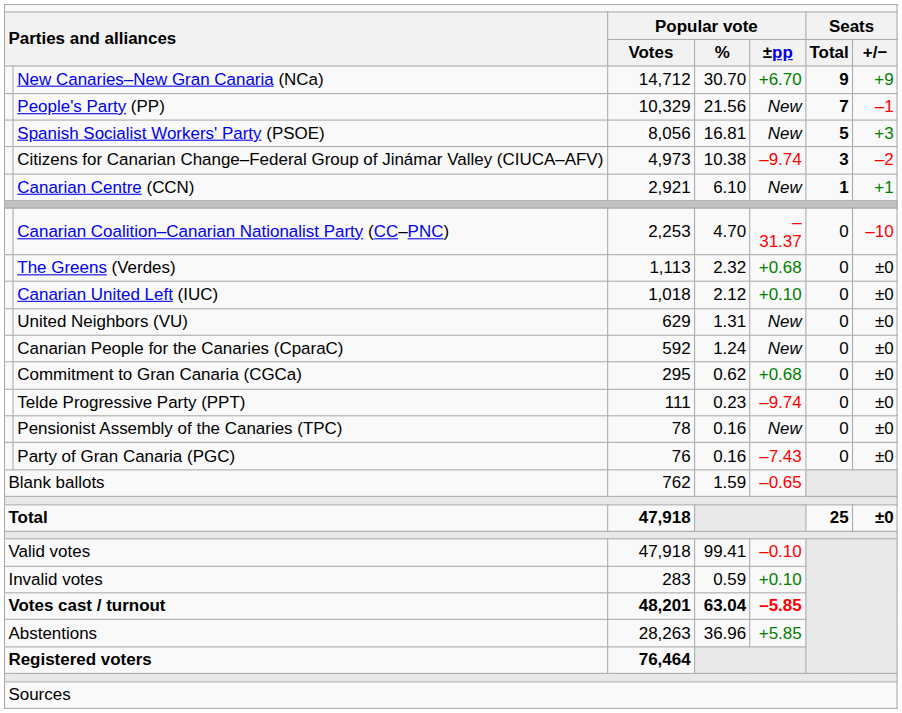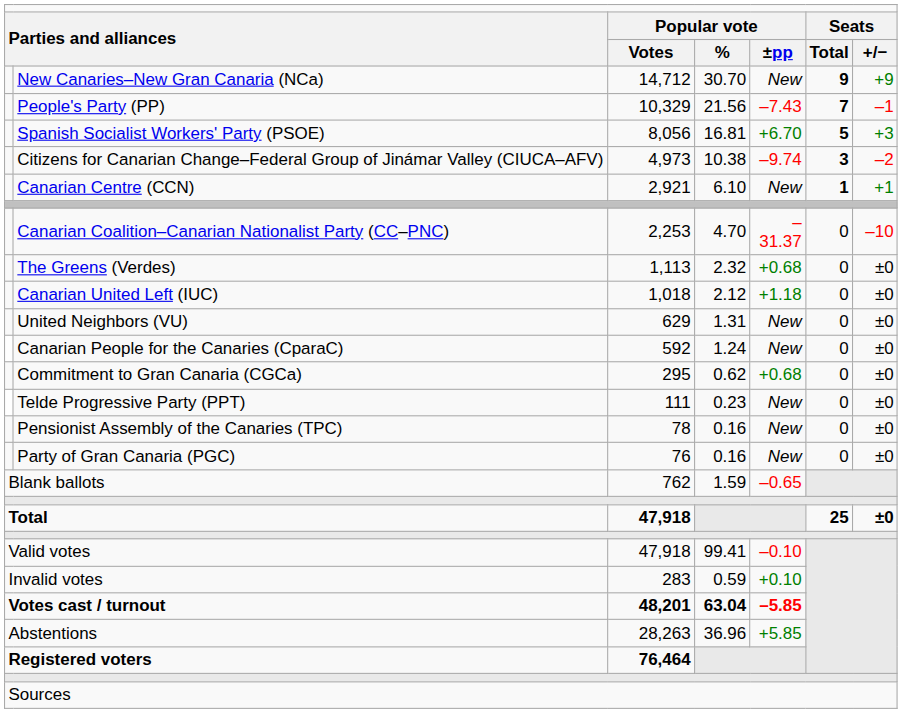 <table class="wikitable" style="text-align:right;">
 <tr>
 <td colspan="7"></td>
 </tr>
 <tr>
 <th style="text-align:left;" rowspan="2" colspan="2" width="525">Parties and alliances</th>
 <th colspan="3">Popular vote</th>
 <th colspan="2">Seats</th>
 </tr>
 <tr>
 <th width="75">Votes</th>
 <th width="45">%</th>
 <th width="45">±<a href='#'>pp</a></th>
 <th width="35">Total</th>
 <th width="35">+/−</th>
 </tr>
 <tr>
 <td width="1" style="color:inherit;background:"></td>
 <td align="left"><a href='#'>New Canaries–New Gran Canaria</a> (NCa)</td>
 <td>14,712</td>
 <td>30.70</td>
-<td style="color:green;">+6.70</td>
+<td><em>New</em></td>
 <td><strong>9</strong></td>
 <td style="color:green;">+9</td>
 </tr>
 <tr>
 <td style="color:inherit;background:"></td>
 <td align="left"><a href='#'>People's Party</a> (PP)</td>
 <td>10,329</td>
 <td>21.56</td>
-<td><em>New</em></td>
+<td style="color:red;">–7.43</td>
 <td><strong>7</strong></td>
 <td style="color:red;">–1</td>
 </tr>
 <tr>
 <td style="color:inherit;background:"></td>
 <td align="left"><a href='#'>Spanish Socialist Workers' Party</a> (PSOE)</td>
 <td>8,056</td>
 <td>16.81</td>
-<td><em>New</em></td>
+<td style="color:green;">+6.70</td>
 <td><strong>5</strong></td>
 <td style="color:green;">+3</td>
 </tr>
 <tr>
 <td style="color:inherit;background:"></td>
 <td align="left">Citizens for Canarian Change–Federal Group of Jinámar Valley (CIUCA–AFV)</td>
 <td>4,973</td>
 <td>10.38</td>
 <td style="color:red;">–9.74</td>
 <td><strong>3</strong></td>
 <td style="color:red;">–2</td>
 </tr>
 <tr>
 <td style="color:inherit;background:"></td>
 <td align="left"><a href='#'>Canarian Centre</a> (CCN)</td>
 <td>2,921</td>
 <td>6.10</td>
 <td><em>New</em></td>
 <td><strong>1</strong></td>
 <td style="color:green;">+1</td>
 </tr>
 <tr>
 <td colspan="7" style="color:inherit;background:#C0C0C0"></td>
 </tr>
 <tr>
 <td style="color:inherit;background:"></td>
 <td align="left"><a href='#'>Canarian Coalition–Canarian Nationalist Party</a> (<a href='#'>CC</a>–<a href='#'>PNC</a>)</td>
 <td>2,253</td>
 <td>4.70</td>
 <td style="color:red;">–31.37</td>
 <td>0</td>
 <td style="color:red;">–10</td>
 </tr>
 <tr>
 <td style="color:inherit;background:"></td>
 <td align="left"><a href='#'>The Greens</a> (Verdes)</td>
 <td>1,113</td>
 <td>2.32</td>
 <td style="color:green;">+0.68</td>
 <td>0</td>
 <td>±0</td>
 </tr>
 <tr>
 <td style="color:inherit;background:"></td>
 <td align="left"><a href='#'>Canarian United Left</a> (IUC)</td>
 <td>1,018</td>
 <td>2.12</td>
-<td style="color:green;">+0.10</td>
+<td style="color:green;">+1.18</td>
 <td>0</td>
 <td>±0</td>
 </tr>
 <tr>
 <td style="color:inherit;background:"></td>
 <td align="left">United Neighbors (VU)</td>
 <td>629</td>
 <td>1.31</td>
 <td><em>New</em></td>
 <td>0</td>
 <td>±0</td>
 </tr>
 <tr>
 <td bgcolor="white"></td>
 <td align="left">Canarian People for the Canaries (CparaC)</td>
 <td>592</td>
 <td>1.24</td>
 <td><em>New</em></td>
 <td>0</td>
 <td>±0</td>
 </tr>
 <tr>
 <td style="color:inherit;background:"></td>
 <td align="left">Commitment to Gran Canaria (CGCa)</td>
 <td>295</td>
 <td>0.62</td>
 <td style="color:green;">+0.68</td>
 <td>0</td>
 <td>±0</td>
 </tr>
 <tr>
 <td bgcolor="white"></td>
 <td align="left">Telde Progressive Party (PPT)</td>
 <td>111</td>
 <td>0.23</td>
-<td style="color:red;">–9.74</td>
+<td><em>New</em></td>
 <td>0</td>
 <td>±0</td>
 </tr>
 <tr>
 <td style="color:inherit;background:"></td>
 <td align="left">Pensionist Assembly of the Canaries (TPC)</td>
 <td>78</td>
 <td>0.16</td>
 <td><em>New</em></td>
 <td>0</td>
 <td>±0</td>
 </tr>
 <tr>
 <td style="color:inherit;background:"></td>
 <td align="left">Party of Gran Canaria (PGC)</td>
 <td>76</td>
 <td>0.16</td>
-<td style="color:red;">–7.43</td>
+<td><em>New</em></td>
 <td>0</td>
 <td>±0</td>
 </tr>
 <tr>
 <td align="left" colspan="2">Blank ballots</td>
 <td>762</td>
 <td>1.59</td>
 <td style="color:red;">–0.65</td>
 <td style="color:inherit;background:#E9E9E9" colspan="2"></td>
 </tr>
 <tr>
 <td colspan="7" style="color:inherit;background:#E9E9E9"></td>
 </tr>
 <tr style="font-weight:bold;">
 <td align="left" colspan="2">Total</td>
 <td>47,918</td>
 <td bgcolor="#E9E9E9" colspan="2"></td>
 <td>25</td>
 <td>±0</td>
 </tr>
 <tr>
 <td colspan="7" style="color:inherit;background:#E9E9E9"></td>
 </tr>
 <tr>
 <td align="left" colspan="2">Valid votes</td>
 <td>47,918</td>
 <td>99.41</td>
 <td style="color:red;">–0.10</td>
 <td bgcolor="#E9E9E9" colspan="2" rowspan="5"></td>
 </tr>
 <tr>
 <td align="left" colspan="2">Invalid votes</td>
 <td>283</td>
 <td>0.59</td>
 <td style="color:green;">+0.10</td>
 </tr>
 <tr style="font-weight:bold;">
 <td align="left" colspan="2">Votes cast / turnout</td>
 <td>48,201</td>
 <td>63.04</td>
 <td style="color:red;">–5.85</td>
 </tr>
 <tr>
 <td align="left" colspan="2">Abstentions</td>
 <td>28,263</td>
 <td>36.96</td>
 <td style="color:green;">+5.85</td>
 </tr>
 <tr style="font-weight:bold;">
 <td align="left" colspan="2">Registered voters</td>
 <td>76,464</td>
 <td bgcolor="#E9E9E9" colspan="2"></td>
 </tr>
 <tr>
 <td colspan="7" style="color:inherit;background:#E9E9E9"></td>
 </tr>
 <tr>
 <td align="left" colspan="7">Sources</td>
 </tr>
 </table>
